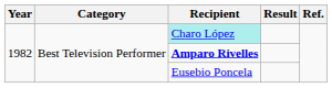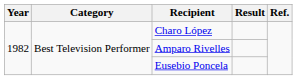 <table class = "wikitable sortable">
 <tr>
 <th>Year</th>
 <th>Category</th>
 <th>Recipient</th>
 <th>Result</th>
 <th>Ref.</th>
 </tr>
 <tr>
 <td rowspan=3>1982</td>
 <td rowspan=3>Best Television Performer</td>
-<td style="background: paleturquoise;"><a href='#'>Charo López</a></td>
+<td><a href='#'>Charo López</a></td>
 <td></td>
 <td rowspan=3></td>
 </tr>
 <tr>
-<td><strong><a href='#'>Amparo Rivelles</a></strong></td>
+<td><a href='#'>Amparo Rivelles</a></td>
 <td></td>
 </tr>
 <tr>
 <td><a href='#'>Eusebio Poncela</a></td>
 <td></td>
 </tr>
 </table>
